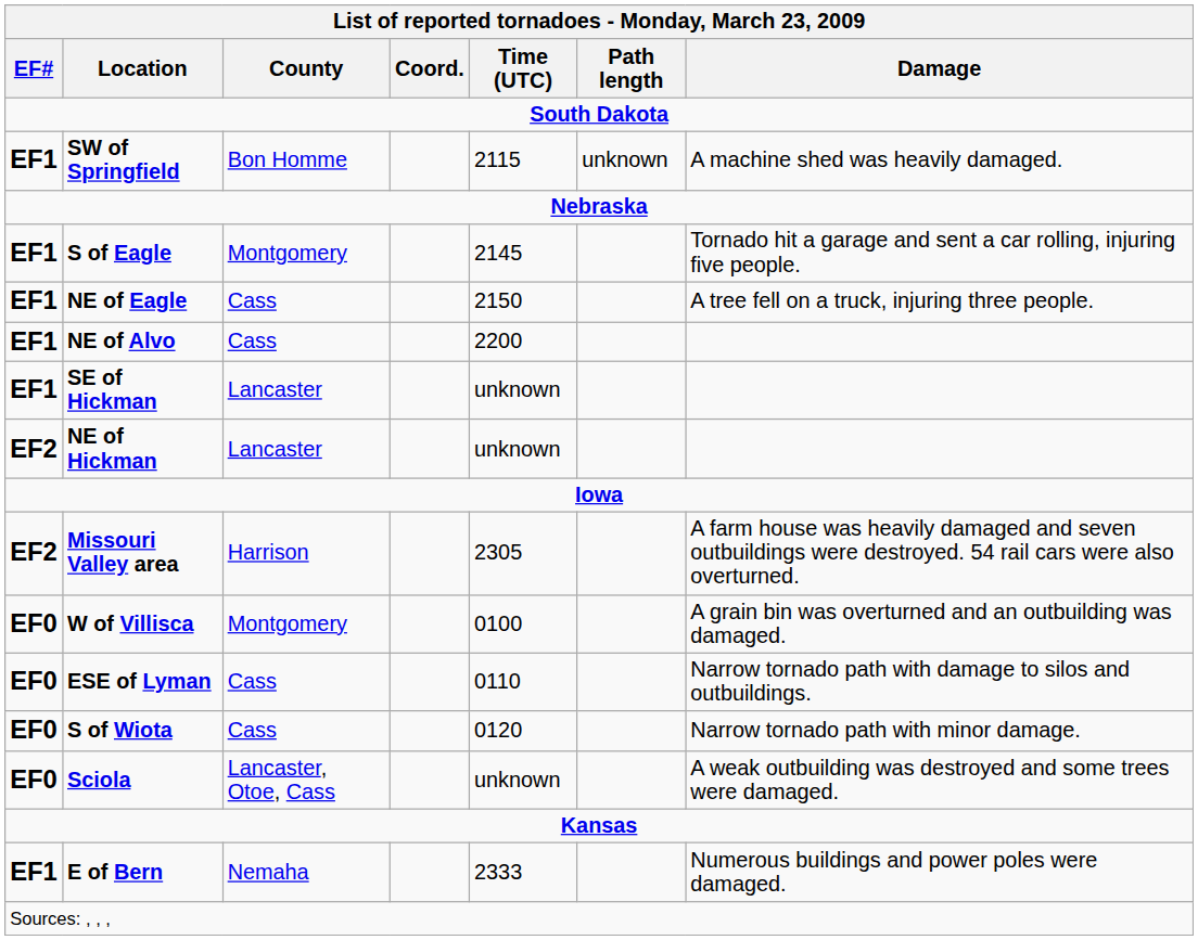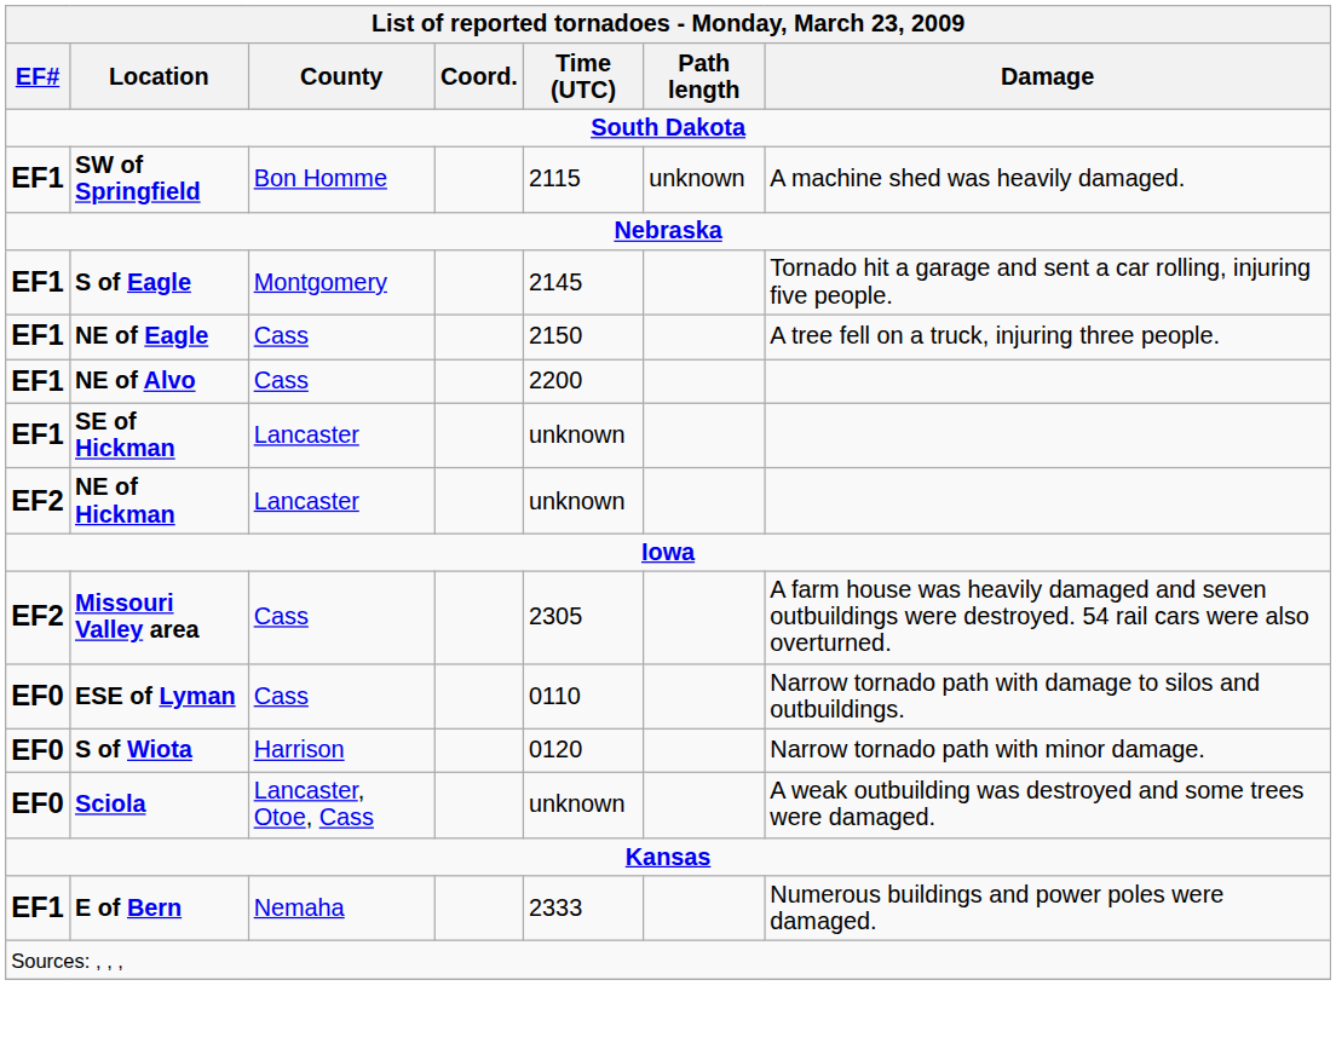 <table class="wikitable collapsible" width="100%">
 <tr>
 <th colspan="7">List of reported tornadoes - Monday, March 23, 2009</th>
 </tr>
 <tr>
 <th><a href='#'>EF#</a></th>
 <th>Location</th>
 <th>County</th>
 <th>Coord.</th>
 <th>Time (UTC)</th>
 <th>Path length</th>
 <th>Damage</th>
 </tr>
 <tr>
 <td colspan="7" align=center><strong><a href='#'>South Dakota</a></strong></td>
 </tr>
 <tr>
 <td><big><strong>EF1</strong></big></td>
 <td><strong>SW of <a href='#'>Springfield</a></strong></td>
 <td><a href='#'>Bon Homme</a></td>
 <td></td>
 <td>2115</td>
 <td>unknown</td>
 <td>A machine shed was heavily damaged.</td>
 </tr>
 <tr>
 <td colspan="7" align=center><strong><a href='#'>Nebraska</a></strong></td>
 </tr>
 <tr>
 <td><big><strong>EF1</strong></big></td>
 <td><strong>S of <a href='#'>Eagle</a></strong></td>
 <td><a href='#'>Montgomery</a></td>
 <td></td>
 <td>2145</td>
 <td></td>
 <td>Tornado hit a garage and sent a car rolling, injuring five people.</td>
 </tr>
 <tr>
 <td><big><strong>EF1</strong></big></td>
 <td><strong>NE of <a href='#'>Eagle</a></strong></td>
 <td><a href='#'>Cass</a></td>
 <td></td>
 <td>2150</td>
 <td></td>
 <td>A tree fell on a truck, injuring three people.</td>
 </tr>
 <tr>
 <td><big><strong>EF1</strong></big></td>
 <td><strong>NE of <a href='#'>Alvo</a></strong></td>
 <td><a href='#'>Cass</a></td>
 <td></td>
 <td>2200</td>
 <td></td>
 <td></td>
 </tr>
 <tr>
 <td><big><strong>EF1</strong></big></td>
 <td><strong>SE of <a href='#'>Hickman</a></strong></td>
 <td><a href='#'>Lancaster</a></td>
 <td></td>
 <td>unknown</td>
 <td></td>
 <td></td>
 </tr>
 <tr>
 <td><big><strong>EF2</strong></big></td>
 <td><strong>NE of <a href='#'>Hickman</a></strong></td>
 <td><a href='#'>Lancaster</a></td>
 <td></td>
 <td>unknown</td>
 <td></td>
 <td></td>
 </tr>
 <tr>
 <td colspan="7" align=center><strong><a href='#'>Iowa</a></strong></td>
 </tr>
 <tr>
 <td><big><strong>EF2</strong></big></td>
 <td><strong><a href='#'>Missouri Valley</a> area</strong></td>
-<td><a href='#'>Harrison</a></td>
+<td><a href='#'>Cass</a></td>
 <td></td>
 <td>2305</td>
 <td></td>
 <td>A farm house was heavily damaged and seven outbuildings were destroyed. 54 rail cars were also overturned.</td>
-</tr>
-<tr>
-<td><big><strong>EF0</strong></big></td>
-<td><strong>W of <a href='#'>Villisca</a></strong></td>
-<td><a href='#'>Montgomery</a></td>
-<td></td>
-<td>0100</td>
-<td></td>
-<td>A grain bin was overturned and an outbuilding was damaged.</td>
 </tr>
 <tr>
 <td><big><strong>EF0</strong></big></td>
 <td><strong>ESE of <a href='#'>Lyman</a></strong></td>
 <td><a href='#'>Cass</a></td>
 <td></td>
 <td>0110</td>
 <td></td>
 <td>Narrow tornado path with damage to silos and outbuildings.</td>
 </tr>
 <tr>
 <td><big><strong>EF0</strong></big></td>
 <td><strong>S of <a href='#'>Wiota</a></strong></td>
-<td><a href='#'>Cass</a></td>
+<td><a href='#'>Harrison</a></td>
 <td></td>
 <td>0120</td>
 <td></td>
 <td>Narrow tornado path with minor damage.</td>
 </tr>
 <tr>
 <td><big><strong>EF0</strong></big></td>
 <td><strong><a href='#'>Sciola</a></strong></td>
 <td><a href='#'>Lancaster</a>, <a href='#'>Otoe</a>, <a href='#'>Cass</a></td>
 <td></td>
 <td>unknown</td>
 <td></td>
 <td>A weak outbuilding was destroyed and some trees were damaged.</td>
 </tr>
 <tr>
 <td colspan="7" align=center><strong><a href='#'>Kansas</a></strong></td>
 </tr>
 <tr>
 <td><big><strong>EF1</strong></big></td>
 <td><strong>E of <a href='#'>Bern</a></strong></td>
 <td><a href='#'>Nemaha</a></td>
 <td></td>
 <td>2333</td>
 <td></td>
 <td>Numerous buildings and power poles were damaged.</td>
 </tr>
 <tr>
 <td colspan="7"><small>Sources: , , , </small></td>
 </tr>
 <tr>
 </tr>
 </table>
